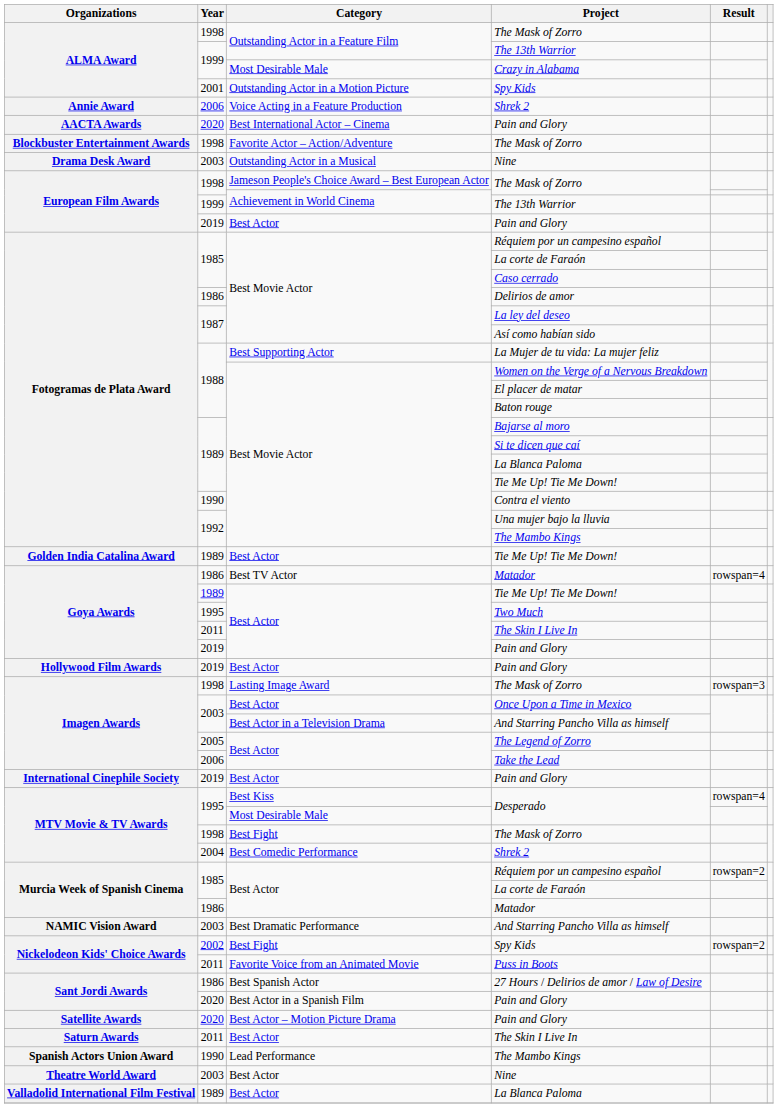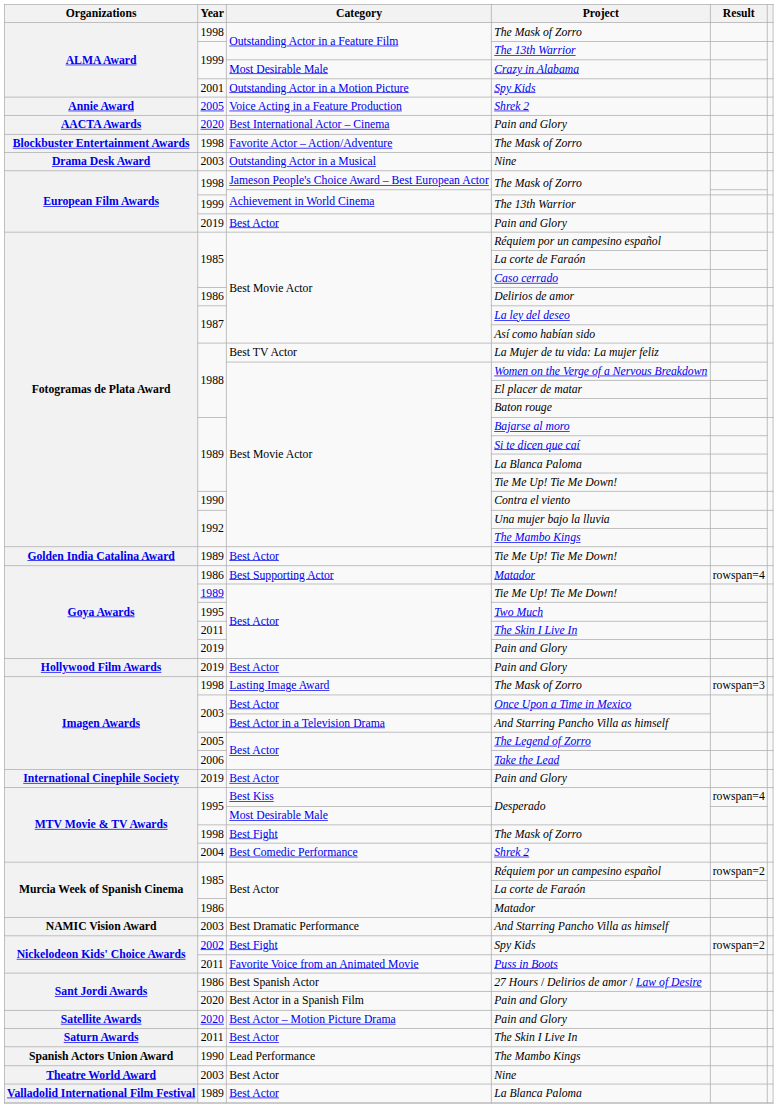 <table class= "wikitable plainrowheaders sortable">
 <tr>
 <th>Organizations</th>
 <th scope="col">Year</th>
 <th scope="col">Category</th>
 <th scope="col">Project</th>
 <th scope="col">Result</th>
 <th scope="col" class="unsortable"></th>
 </tr>
 <tr>
 <th scope="row" rowspan="4"><a href='#'>ALMA Award</a></th>
 <td style="text-align:center;">1998</td>
 <td rowspan=2><a href='#'>Outstanding Actor in a Feature Film</a></td>
 <td><em>The Mask of Zorro</em></td>
 <td></td>
 <td style="text-align:center;"></td>
 </tr>
 <tr>
 <td style="text-align:center;", rowspan=2>1999</td>
 <td><em><a href='#'>The 13th Warrior</a></em></td>
 <td></td>
 <td style="text-align:center;", rowspan=2></td>
 </tr>
 <tr>
 <td><a href='#'>Most Desirable Male</a></td>
 <td><em><a href='#'>Crazy in Alabama</a></em></td>
 <td></td>
 </tr>
 <tr>
 <td style="text-align:center;">2001</td>
 <td><a href='#'>Outstanding Actor in a Motion Picture</a></td>
 <td><em><a href='#'>Spy Kids</a></em></td>
 <td></td>
 <td style="text-align:center;"></td>
 </tr>
 <tr>
 <th scope="row" rowspan="1"><a href='#'>Annie Award</a></th>
-<td style="text-align:center;"><a href='#'>2006</a></td>
+<td style="text-align:center;"><a href='#'>2005</a></td>
 <td><a href='#'>Voice Acting in a Feature Production</a></td>
 <td><em><a href='#'>Shrek 2</a></em></td>
 <td></td>
 <td style="text-align:center;"></td>
 </tr>
 <tr>
 <th scope="row" rowspan="1"><a href='#'>AACTA Awards</a></th>
 <td style="text-align:center;"><a href='#'>2020</a></td>
 <td><a href='#'>Best International Actor – Cinema</a></td>
 <td><em>Pain and Glory</em></td>
 <td></td>
 <td style="text-align center;"></td>
 </tr>
 <tr>
 <th scope="row" rowspan="1"><a href='#'>Blockbuster Entertainment Awards</a></th>
 <td style="text-align:center;">1998</td>
 <td><a href='#'>Favorite Actor – Action/Adventure</a></td>
 <td><em>The Mask of Zorro</em></td>
 <td></td>
 <td style="text-align:center;"></td>
 </tr>
 <tr>
 <th scope="row" rowspan="1"><a href='#'>Drama Desk Award</a></th>
 <td style="text-align:center;">2003</td>
 <td><a href='#'>Outstanding Actor in a Musical</a></td>
 <td><em>Nine</em></td>
 <td></td>
 <td></td>
 </tr>
 <tr>
 <th scope="row" rowspan="4"><a href='#'>European Film Awards</a></th>
 <td style="text-align:center;", rowspan=2>1998</td>
 <td><a href='#'>Jameson People's Choice Award – Best European Actor</a></td>
 <td rowspan=2><em>The Mask of Zorro</em></td>
 <td></td>
 <td style="text-align:center;", rowspan=2></td>
 </tr>
 <tr>
 <td rowspan=2><a href='#'>Achievement in World Cinema</a></td>
 <td></td>
 </tr>
 <tr>
 <td style="text-align:center;">1999</td>
 <td><em>The 13th Warrior</em></td>
 <td></td>
 <td style="text-align:center;"></td>
 </tr>
 <tr>
 <td style="text-align:center;">2019</td>
 <td><a href='#'>Best Actor</a></td>
 <td><em>Pain and Glory</em></td>
 <td></td>
 <td style="text-align:center;"></td>
 </tr>
 <tr>
 <th scope="row" rowspan="17">Fotogramas de Plata Award</th>
 <td style="text-align:center;", rowspan=3>1985</td>
 <td rowspan=6>Best Movie Actor</td>
 <td><em>Réquiem por un campesino español</em></td>
 <td></td>
 <td style="text-align:center;", rowspan=3></td>
 </tr>
 <tr>
 <td><em>La corte de Faraón</em></td>
 <td></td>
 </tr>
 <tr>
 <td><em><a href='#'>Caso cerrado</a></em></td>
 <td></td>
 </tr>
 <tr>
 <td style="text-align:center;">1986</td>
 <td><em>Delirios de amor</em></td>
 <td></td>
 <td style="text-align:center;"></td>
 </tr>
 <tr>
 <td style="text-align:center;", rowspan=2>1987</td>
 <td><em><a href='#'>La ley del deseo</a></em></td>
 <td></td>
 <td style="text-align:center;", rowspan=2></td>
 </tr>
 <tr>
 <td><em>Así como habían sido</em></td>
 <td></td>
 </tr>
 <tr>
 <td style="text-align:center;", rowspan=4>1988</td>
-<td><a href='#'>Best Supporting Actor</a></td>
+<td>Best TV Actor</td>
 <td><em>La Mujer de tu vida: La mujer feliz</em></td>
 <td></td>
 <td style="text-align:center;", rowspan=4></td>
 </tr>
 <tr>
 <td rowspan=10>Best Movie Actor</td>
 <td><em><a href='#'>Women on the Verge of a Nervous Breakdown</a></em></td>
 <td></td>
 </tr>
 <tr>
 <td><em>El placer de matar</em></td>
 <td></td>
 </tr>
 <tr>
 <td><em>Baton rouge</em></td>
 <td></td>
 </tr>
 <tr>
 <td style="text-align:center;", rowspan=4>1989</td>
 <td><em><a href='#'>Bajarse al moro</a></em></td>
 <td></td>
 <td style="text-align:center;", rowspan=4></td>
 </tr>
 <tr>
 <td><em><a href='#'>Si te dicen que caí</a></em></td>
 <td></td>
 </tr>
 <tr>
 <td><em>La Blanca Paloma</em></td>
 <td></td>
 </tr>
 <tr>
 <td><em>Tie Me Up! Tie Me Down!</em></td>
 <td></td>
 </tr>
 <tr>
 <td style="text-align:center;">1990</td>
 <td><em>Contra el viento</em></td>
 <td></td>
 <td style="text-align:center;"></td>
 </tr>
 <tr>
 <td style="text-align:center;", rowspan=2>1992</td>
 <td><em>Una mujer bajo la lluvia</em></td>
 <td></td>
 <td style="text-align:center;", rowspan=2></td>
 </tr>
 <tr>
 <td><em><a href='#'>The Mambo Kings</a></em></td>
 <td></td>
 </tr>
 <tr>
 <th scope="row" rowspan="1"><a href='#'>Golden India Catalina Award</a></th>
 <td style="text-align:center;">1989</td>
 <td><a href='#'>Best Actor</a></td>
 <td><em>Tie Me Up! Tie Me Down!</em></td>
 <td></td>
 <td style="text-align:center;"></td>
 </tr>
 <tr>
 <th scope="row" rowspan="5"><a href='#'>Goya Awards</a></th>
 <td style="text-align:center;">1986</td>
-<td>Best TV Actor</td>
+<td><a href='#'>Best Supporting Actor</a></td>
 <td><em><a href='#'>Matador</a></em></td>
 <td>rowspan=4 </td>
 <td style="text-align:center;"></td>
 </tr>
 <tr>
 <td style="text-align:center;"><a href='#'>1989</a></td>
 <td rowspan=4><a href='#'>Best Actor</a></td>
 <td><em>Tie Me Up! Tie Me Down!</em></td>
 <td style="text-align:center;"></td>
 </tr>
 <tr>
 <td style="text-align:center;">1995</td>
 <td><em><a href='#'>Two Much</a></em></td>
 <td style="text-align:center;"></td>
 </tr>
 <tr>
 <td style="text-align:center;">2011</td>
 <td><em><a href='#'>The Skin I Live In</a></em></td>
 <td style="text-align:center;"></td>
 </tr>
 <tr>
 <td style="text-align:center;">2019</td>
 <td><em>Pain and Glory</em></td>
 <td></td>
 <td style="text-align:center;"></td>
 </tr>
 <tr>
 <th scope="row" rowspan="1"><a href='#'>Hollywood Film Awards</a></th>
 <td style="text-align:center;">2019</td>
 <td><a href='#'>Best Actor</a></td>
 <td><em>Pain and Glory</em></td>
 <td></td>
 <td style="text-align:center;"></td>
 </tr>
 <tr>
 <th scope="row" rowspan="5"><a href='#'>Imagen Awards</a></th>
 <td style="text-align:center;">1998</td>
 <td><a href='#'>Lasting Image Award</a></td>
 <td><em>The Mask of Zorro</em></td>
 <td>rowspan=3 </td>
 <td style="text-align:center;"></td>
 </tr>
 <tr>
 <td style="text-align:center;", rowspan=2>2003</td>
 <td><a href='#'>Best Actor</a></td>
 <td><em><a href='#'>Once Upon a Time in Mexico</a></em></td>
 <td rowspan=2></td>
 </tr>
 <tr>
 <td><a href='#'>Best Actor in a Television Drama</a></td>
 <td><em>And Starring Pancho Villa as himself</em></td>
 </tr>
 <tr>
 <td style="text-align:center;">2005</td>
 <td rowspan=2><a href='#'>Best Actor</a></td>
 <td><em><a href='#'>The Legend of Zorro</a></em></td>
 <td></td>
 <td style="text-align:center;"></td>
 </tr>
 <tr>
 <td style="text-align:center;">2006</td>
 <td><em><a href='#'>Take the Lead</a></em></td>
 <td></td>
 <td style="text-align:center;"></td>
 </tr>
 <tr>
 <th scope="row" rowspan="1"><a href='#'>International Cinephile Society</a></th>
 <td style="text-align:center;">2019</td>
 <td><a href='#'>Best Actor</a></td>
 <td><em>Pain and Glory</em></td>
 <td></td>
 <td style="text-align:center;"></td>
 </tr>
 <tr>
 <th scope="row" rowspan="4"><a href='#'>MTV Movie & TV Awards</a></th>
 <td style="text-align:center;", rowspan=2>1995</td>
 <td><a href='#'>Best Kiss</a></td>
 <td rowspan=2><em>Desperado</em></td>
 <td>rowspan=4 </td>
 <td style="text-align:center;", rowspan=2></td>
 </tr>
 <tr>
 <td><a href='#'>Most Desirable Male</a></td>
 </tr>
 <tr>
 <td style="text-align:center;">1998</td>
 <td><a href='#'>Best Fight</a></td>
 <td><em>The Mask of Zorro</em></td>
 <td style="text-align:center;"></td>
 </tr>
 <tr>
 <td style="text-align:center;">2004</td>
 <td><a href='#'>Best Comedic Performance</a></td>
 <td><em><a href='#'>Shrek 2</a></em></td>
 <td style="text-align:center;"></td>
 </tr>
 <tr>
 <th scope="row" rowspan="3">Murcia Week of Spanish Cinema</th>
 <td style="text-align:center;", rowspan=2>1985</td>
 <td rowspan=3>Best Actor</td>
 <td><em>Réquiem por un campesino español</em></td>
 <td>rowspan=2 </td>
 <td style="text-align:center;", rowspan=2></td>
 </tr>
 <tr>
 <td><em>La corte de Faraón</em></td>
 </tr>
 <tr>
 <td style="text-align:center;">1986</td>
 <td><em>Matador</em></td>
 <td></td>
 <td style="text-align:center;"></td>
 </tr>
 <tr>
 <th scope="row" rowspan="1">NAMIC Vision Award</th>
 <td style="text-align:center;">2003</td>
 <td>Best Dramatic Performance</td>
 <td><em>And Starring Pancho Villa as himself</em></td>
 <td></td>
 <td style="text-align:center;"></td>
 </tr>
 <tr>
 <th scope="row" rowspan="2"><a href='#'>Nickelodeon Kids' Choice Awards</a></th>
 <td style="text-align:center;"><a href='#'>2002</a></td>
 <td><a href='#'>Best Fight</a></td>
 <td><em>Spy Kids</em></td>
 <td>rowspan=2 </td>
 <td style="text-align:center;"></td>
 </tr>
 <tr>
 <td style="text-align:center;">2011</td>
 <td><a href='#'>Favorite Voice from an Animated Movie</a></td>
 <td><em><a href='#'>Puss in Boots</a></em></td>
 <td style="text-align:center;"></td>
 </tr>
 <tr>
 <th scope="row" rowspan="2"><a href='#'>Sant Jordi Awards</a></th>
 <td style="text-align:center;">1986</td>
 <td>Best Spanish Actor</td>
 <td><em>27 Hours</em> / <em>Delirios de amor</em> / <em><a href='#'>Law of Desire</a></em></td>
 <td></td>
 <td style="text-align:center;"></td>
 </tr>
 <tr>
 <td style="text-align:center;">2020</td>
 <td>Best Actor in a Spanish Film</td>
 <td><em>Pain and Glory</em></td>
 <td></td>
 <td style="text-align:center;"></td>
 </tr>
 <tr>
 <th scope="row" rowspan="1"><a href='#'>Satellite Awards</a></th>
 <td style="text-align:center;"><a href='#'>2020</a></td>
 <td><a href='#'>Best Actor – Motion Picture Drama</a></td>
 <td><em>Pain and Glory</em></td>
 <td></td>
 <td style="text-align:center;"></td>
 </tr>
 <tr>
 <th scope="row" rowspan="1"><a href='#'>Saturn Awards</a></th>
 <td style="text-align:center;">2011</td>
 <td><a href='#'>Best Actor</a></td>
 <td><em>The Skin I Live In</em></td>
 <td></td>
 <td style="text-align:center;"></td>
 </tr>
 <tr>
 <th scope="row" rowspan="1">Spanish Actors Union Award</th>
 <td style="text-align:center;">1990</td>
 <td>Lead Performance</td>
 <td><em>The Mambo Kings</em></td>
 <td></td>
 <td style="text-align:center;"></td>
 </tr>
 <tr>
 <th scope="row" rowspan="1"><a href='#'>Theatre World Award</a></th>
 <td style="text-align:center;">2003</td>
 <td>Best Actor</td>
 <td><em>Nine</em></td>
 <td></td>
 <td style="text-align:center;"></td>
 </tr>
 <tr>
 <th scope="row" rowspan="1"><a href='#'>Valladolid International Film Festival</a></th>
 <td style="text-align:center;">1989</td>
 <td><a href='#'>Best Actor</a></td>
 <td><em>La Blanca Paloma</em></td>
 <td></td>
 <td style="text-align:center;"></td>
 </tr>
 <tr>
 </tr>
 </table>
